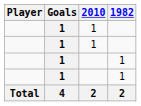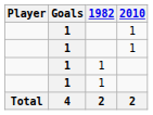 <table class="wikitable sortable" style="text-align:center">
 <tr>
 <th>Player</th>
 <th>Goals</th>
+<th><a href='#'>1982</a></th>
 <th><a href='#'>2010</a></th>
-<th><a href='#'>1982</a></th>
+</tr>
+<tr>
+<td align="left"></td>
+<th>1</th>
+<td></td>
+<td>1</td>
+</tr>
+<tr>
+<td align="left"></td>
+<th>1</th>
+<td></td>
+<td>1</td>
 </tr>
 <tr>
 <td align="left"></td>
 <th>1</th>
 <td>1</td>
 <td></td>
 </tr>
 <tr>
 <td align="left"></td>
 <th>1</th>
 <td>1</td>
 <td></td>
 </tr>
-<tr>
-<td align="left"></td>
-<th>1</th>
-<td></td>
-<td>1</td>
-</tr>
-<tr>
-<td align="left"></td>
-<th>1</th>
-<td></td>
-<td>1</td>
-</tr>
 <tr class="sortbottom">
 <th>Total</th>
 <th>4</th>
 <th>2</th>
 <th>2</th>
 </tr>
 </table>
